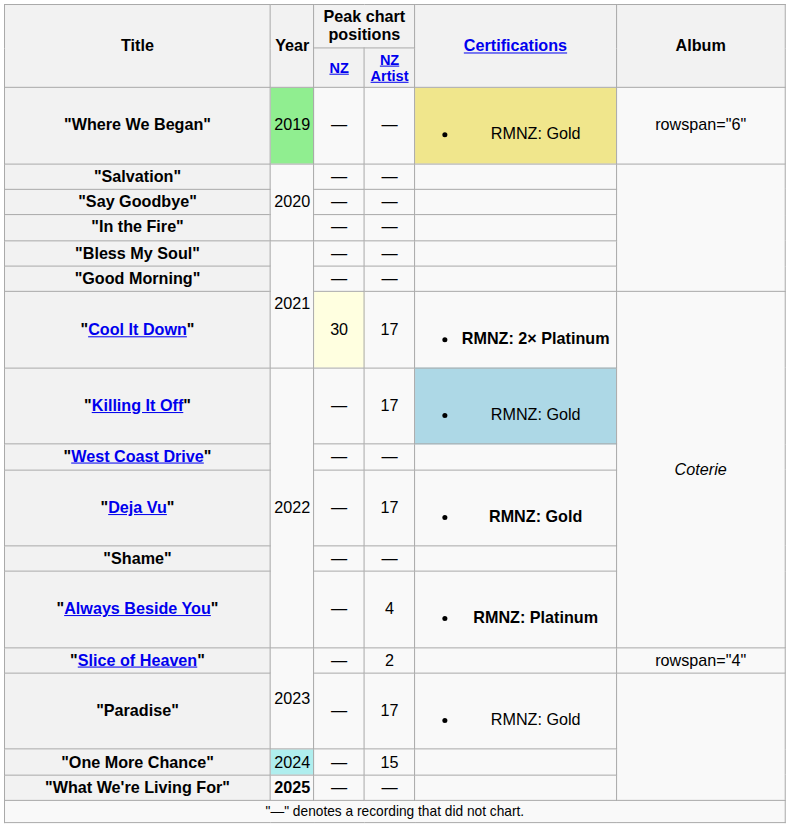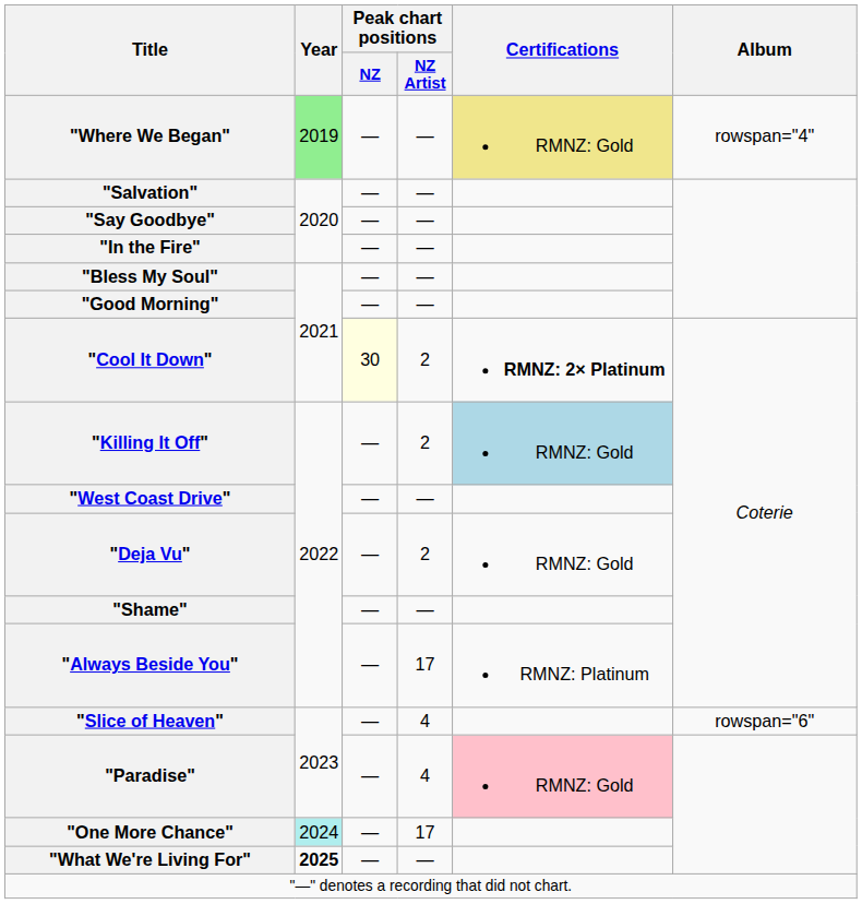 <table class="wikitable plainrowheaders" style="text-align:center;">
 <tr>
 <th scope="col" rowspan="2" style="width:16em;">Title</th>
 <th scope="col" rowspan="2" style="width:1em;">Year</th>
 <th scope="col" colspan="2">Peak chart positions</th>
 <th scope="col" rowspan="2" style="width:12em;"><a href='#'>Certifications</a></th>
 <th scope="col" rowspan="2" style="width:10em;">Album</th>
 </tr>
 <tr>
 <th scope="col" style="width:3em;font-size:90%;"><a href='#'>NZ</a><br></th>
 <th scope="col" style="width:3em;font-size:90%;"><a href='#'>NZ<br>Artist</a><br></th>
 </tr>
 <tr>
 <th scope="row">"Where We Began"</th>
 <td style="background: lightgreen;">2019</td>
 <td>—</td>
 <td>—</td>
 <td style="background: khaki;"><br><ul><li>RMNZ: Gold</li></ul></td>
-<td>rowspan="6" </td>
+<td>rowspan="4" </td>
 </tr>
 <tr>
 <th scope="row">"Salvation"</th>
 <td rowspan="3">2020</td>
 <td>—</td>
 <td>—</td>
 <td></td>
 </tr>
 <tr>
 <th scope="row">"Say Goodbye"</th>
 <td>—</td>
 <td>—</td>
 <td></td>
 </tr>
 <tr>
 <th scope="row">"In the Fire"</th>
 <td>—</td>
 <td>—</td>
 <td></td>
 </tr>
 <tr>
 <th scope="row">"Bless My Soul"</th>
 <td rowspan="3">2021</td>
 <td>—</td>
 <td>—</td>
 <td></td>
 </tr>
 <tr>
 <th scope="row">"Good Morning"</th>
 <td>—</td>
 <td>—</td>
 <td></td>
 </tr>
 <tr>
 <th scope="row">"<a href='#'>Cool It Down</a>"</th>
 <td style="background: lightyellow;">30</td>
-<td>17</td>
+<td>2</td>
 <td><strong><br><ul><li>RMNZ: 2× Platinum</li></ul></strong></td>
 <td rowspan="6"><em>Coterie</em></td>
 </tr>
 <tr>
 <th scope="row">"<a href='#'>Killing It Off</a>"</th>
 <td rowspan="5">2022</td>
 <td>—</td>
-<td>17</td>
+<td>2</td>
 <td style="background: lightblue;"><br><ul><li>RMNZ: Gold</li></ul></td>
 </tr>
 <tr>
 <th scope="row">"<a href='#'>West Coast Drive</a>"</th>
 <td>—</td>
 <td>—</td>
 <td></td>
 </tr>
 <tr>
 <th scope="row">"<a href='#'>Deja Vu</a>"</th>
 <td>—</td>
-<td>17</td>
-<td><strong><br><ul><li>RMNZ: Gold</li></ul></strong></td>
+<td>2</td>
+<td><br><ul><li>RMNZ: Gold</li></ul></td>
 </tr>
 <tr>
 <th scope="row">"Shame"</th>
 <td>—</td>
 <td>—</td>
 <td></td>
 </tr>
 <tr>
 <th scope="row">"<a href='#'>Always Beside You</a>"<br></th>
 <td>—</td>
-<td>4</td>
-<td><strong><br><ul><li>RMNZ: Platinum</li></ul></strong></td>
+<td>17</td>
+<td><br><ul><li>RMNZ: Platinum</li></ul></td>
 </tr>
 <tr>
 <th scope="row">"<a href='#'>Slice of Heaven</a>"<br></th>
 <td rowspan="2">2023</td>
 <td>—</td>
-<td>2</td>
+<td>4</td>
 <td></td>
-<td>rowspan="4" </td>
+<td>rowspan="6" </td>
 </tr>
 <tr>
 <th scope="row">"Paradise"</th>
 <td>—</td>
-<td>17</td>
-<td><br><ul><li>RMNZ: Gold</li></ul></td>
+<td>4</td>
+<td style="background: pink;"><br><ul><li>RMNZ: Gold</li></ul></td>
 </tr>
 <tr>
 <th scope="row">"One More Chance"<br></th>
 <td style="background: paleturquoise;">2024</td>
 <td>—</td>
-<td>15</td>
+<td>17</td>
 <td></td>
 </tr>
 <tr>
 <th scope="row">"What We're Living For"<br></th>
 <td><strong>2025</strong></td>
 <td>—</td>
 <td>—</td>
 <td></td>
 </tr>
 <tr>
 <td colspan="8" style="font-size:85%;">"—" denotes a recording that did not chart.</td>
 </tr>
 </table>
